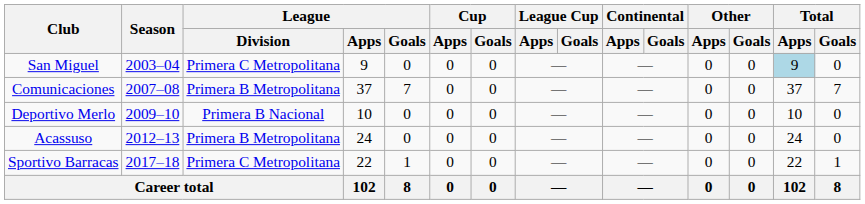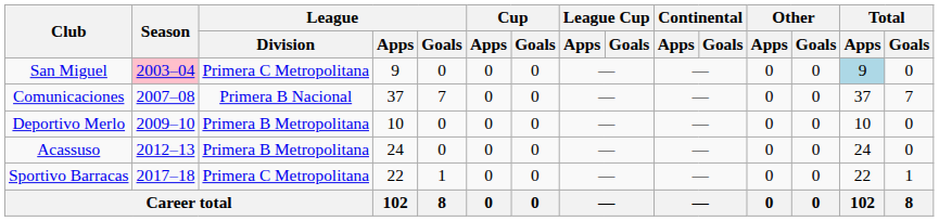 <table class="wikitable" style="text-align:center">
 <tr>
 <th rowspan="2">Club</th>
 <th rowspan="2">Season</th>
 <th colspan="3">League</th>
 <th colspan="2">Cup</th>
 <th colspan="2">League Cup</th>
 <th colspan="2">Continental</th>
 <th colspan="2">Other</th>
 <th colspan="2">Total</th>
 </tr>
 <tr>
 <th>Division</th>
 <th>Apps</th>
 <th>Goals</th>
 <th>Apps</th>
 <th>Goals</th>
 <th>Apps</th>
 <th>Goals</th>
 <th>Apps</th>
 <th>Goals</th>
 <th>Apps</th>
 <th>Goals</th>
 <th>Apps</th>
 <th>Goals</th>
 </tr>
 <tr>
 <td rowspan="1"><a href='#'>San Miguel</a></td>
-<td><a href='#'>2003–04</a></td>
+<td style="background: pink;"><a href='#'>2003–04</a></td>
 <td rowspan="1"><a href='#'>Primera C Metropolitana</a></td>
 <td>9</td>
 <td>0</td>
 <td>0</td>
 <td>0</td>
 <td colspan="2">—</td>
 <td colspan="2">—</td>
 <td>0</td>
 <td>0</td>
 <td style="background: lightblue;">9</td>
 <td>0</td>
 </tr>
 <tr>
 <td rowspan="1"><a href='#'>Comunicaciones</a></td>
 <td><a href='#'>2007–08</a></td>
-<td rowspan="1"><a href='#'>Primera B Metropolitana</a></td>
+<td rowspan="1"><a href='#'>Primera B Nacional</a></td>
 <td>37</td>
 <td>7</td>
 <td>0</td>
 <td>0</td>
 <td colspan="2">—</td>
 <td colspan="2">—</td>
 <td>0</td>
 <td>0</td>
 <td>37</td>
 <td>7</td>
 </tr>
 <tr>
 <td rowspan="1"><a href='#'>Deportivo Merlo</a></td>
 <td><a href='#'>2009–10</a></td>
-<td rowspan="1"><a href='#'>Primera B Nacional</a></td>
+<td rowspan="1"><a href='#'>Primera B Metropolitana</a></td>
 <td>10</td>
 <td>0</td>
 <td>0</td>
 <td>0</td>
 <td colspan="2">—</td>
 <td colspan="2">—</td>
 <td>0</td>
 <td>0</td>
 <td>10</td>
 <td>0</td>
 </tr>
 <tr>
 <td rowspan="1"><a href='#'>Acassuso</a></td>
 <td><a href='#'>2012–13</a></td>
 <td rowspan="1"><a href='#'>Primera B Metropolitana</a></td>
 <td>24</td>
 <td>0</td>
 <td>0</td>
 <td>0</td>
 <td colspan="2">—</td>
 <td colspan="2">—</td>
 <td>0</td>
 <td>0</td>
 <td>24</td>
 <td>0</td>
 </tr>
 <tr>
 <td rowspan="1"><a href='#'>Sportivo Barracas</a></td>
 <td><a href='#'>2017–18</a></td>
 <td rowspan="1"><a href='#'>Primera C Metropolitana</a></td>
 <td>22</td>
 <td>1</td>
 <td>0</td>
 <td>0</td>
 <td colspan="2">—</td>
 <td colspan="2">—</td>
 <td>0</td>
 <td>0</td>
 <td>22</td>
 <td>1</td>
 </tr>
 <tr>
 <th colspan="3">Career total</th>
 <th>102</th>
 <th>8</th>
 <th>0</th>
 <th>0</th>
 <th colspan="2">—</th>
 <th colspan="2">—</th>
 <th>0</th>
 <th>0</th>
 <th>102</th>
 <th>8</th>
 </tr>
 </table>
